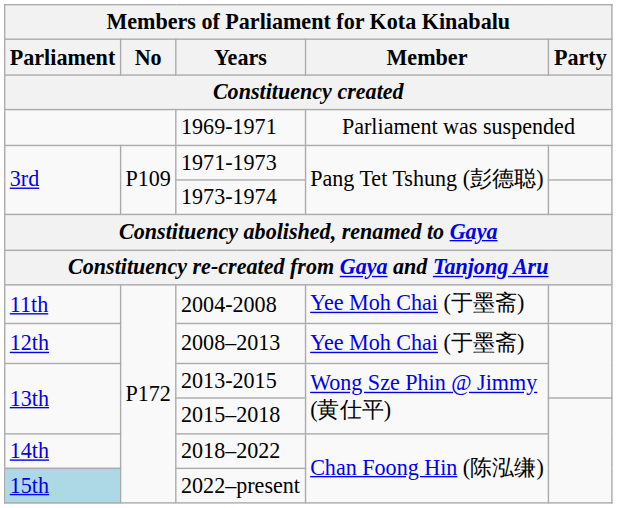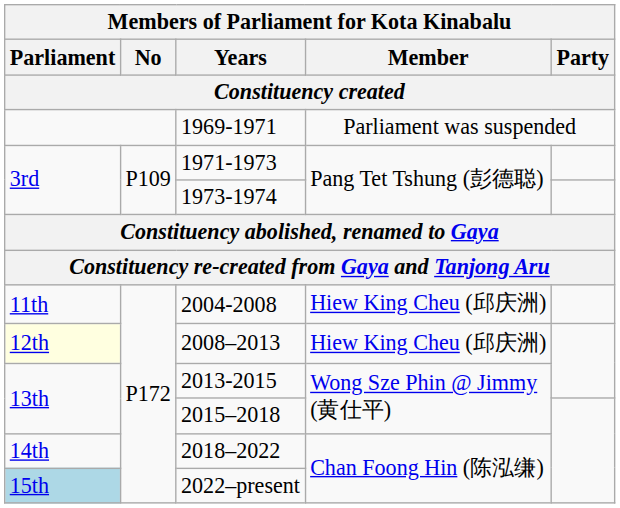 <table class=wikitable>
 <tr>
 <th colspan="5">Members of Parliament for Kota Kinabalu</th>
 </tr>
 <tr>
 <th>Parliament</th>
 <th>No</th>
 <th>Years</th>
 <th>Member</th>
 <th>Party</th>
 </tr>
 <tr>
 <th colspan="5" align="center"><em>Constituency created</em></th>
 </tr>
 <tr>
 <td colspan="2"></td>
 <td>1969-1971</td>
 <td colspan=2 align=center>Parliament was suspended</td>
 </tr>
 <tr>
 <td rowspan=2><a href='#'>3rd</a></td>
 <td rowspan="2">P109</td>
 <td>1971-1973</td>
 <td rowspan=2>Pang Tet Tshung (彭德聪)</td>
 <td></td>
 </tr>
 <tr>
 <td>1973-1974</td>
 <td></td>
 </tr>
 <tr>
 <th colspan="5" align="center"><em>Constituency abolished, renamed to <a href='#'>Gaya</a></em></th>
 </tr>
 <tr>
 <th colspan="5" align="center"><em>Constituency re-created from <a href='#'>Gaya</a> and <a href='#'>Tanjong Aru</a></em></th>
 </tr>
 <tr>
 <td><a href='#'>11th</a></td>
 <td rowspan=6>P172</td>
 <td>2004-2008</td>
-<td><a href='#'>Yee Moh Chai</a> (于墨斋)</td>
+<td><a href='#'>Hiew King Cheu</a> (邱庆洲)</td>
 <td></td>
 </tr>
 <tr>
-<td><a href='#'>12th</a></td>
+<td style="background: lightyellow;"><a href='#'>12th</a></td>
 <td>2008–2013</td>
-<td><a href='#'>Yee Moh Chai</a> (于墨斋)</td>
+<td><a href='#'>Hiew King Cheu</a> (邱庆洲)</td>
 <td rowspan="2"></td>
 </tr>
 <tr>
 <td rowspan=2><a href='#'>13th</a></td>
 <td>2013-2015</td>
 <td rowspan=2><a href='#'>Wong Sze Phin @ Jimmy</a>  <br>(黄仕平)</td>
 </tr>
 <tr>
 <td>2015–2018</td>
 <td rowspan=3></td>
 </tr>
 <tr>
 <td><a href='#'>14th</a></td>
 <td>2018–2022</td>
 <td rowspan="2"><a href='#'>Chan Foong Hin</a> (陈泓缣)</td>
 </tr>
 <tr>
 <td style="background: lightblue;"><a href='#'>15th</a></td>
 <td>2022–present</td>
 </tr>
 </table>
